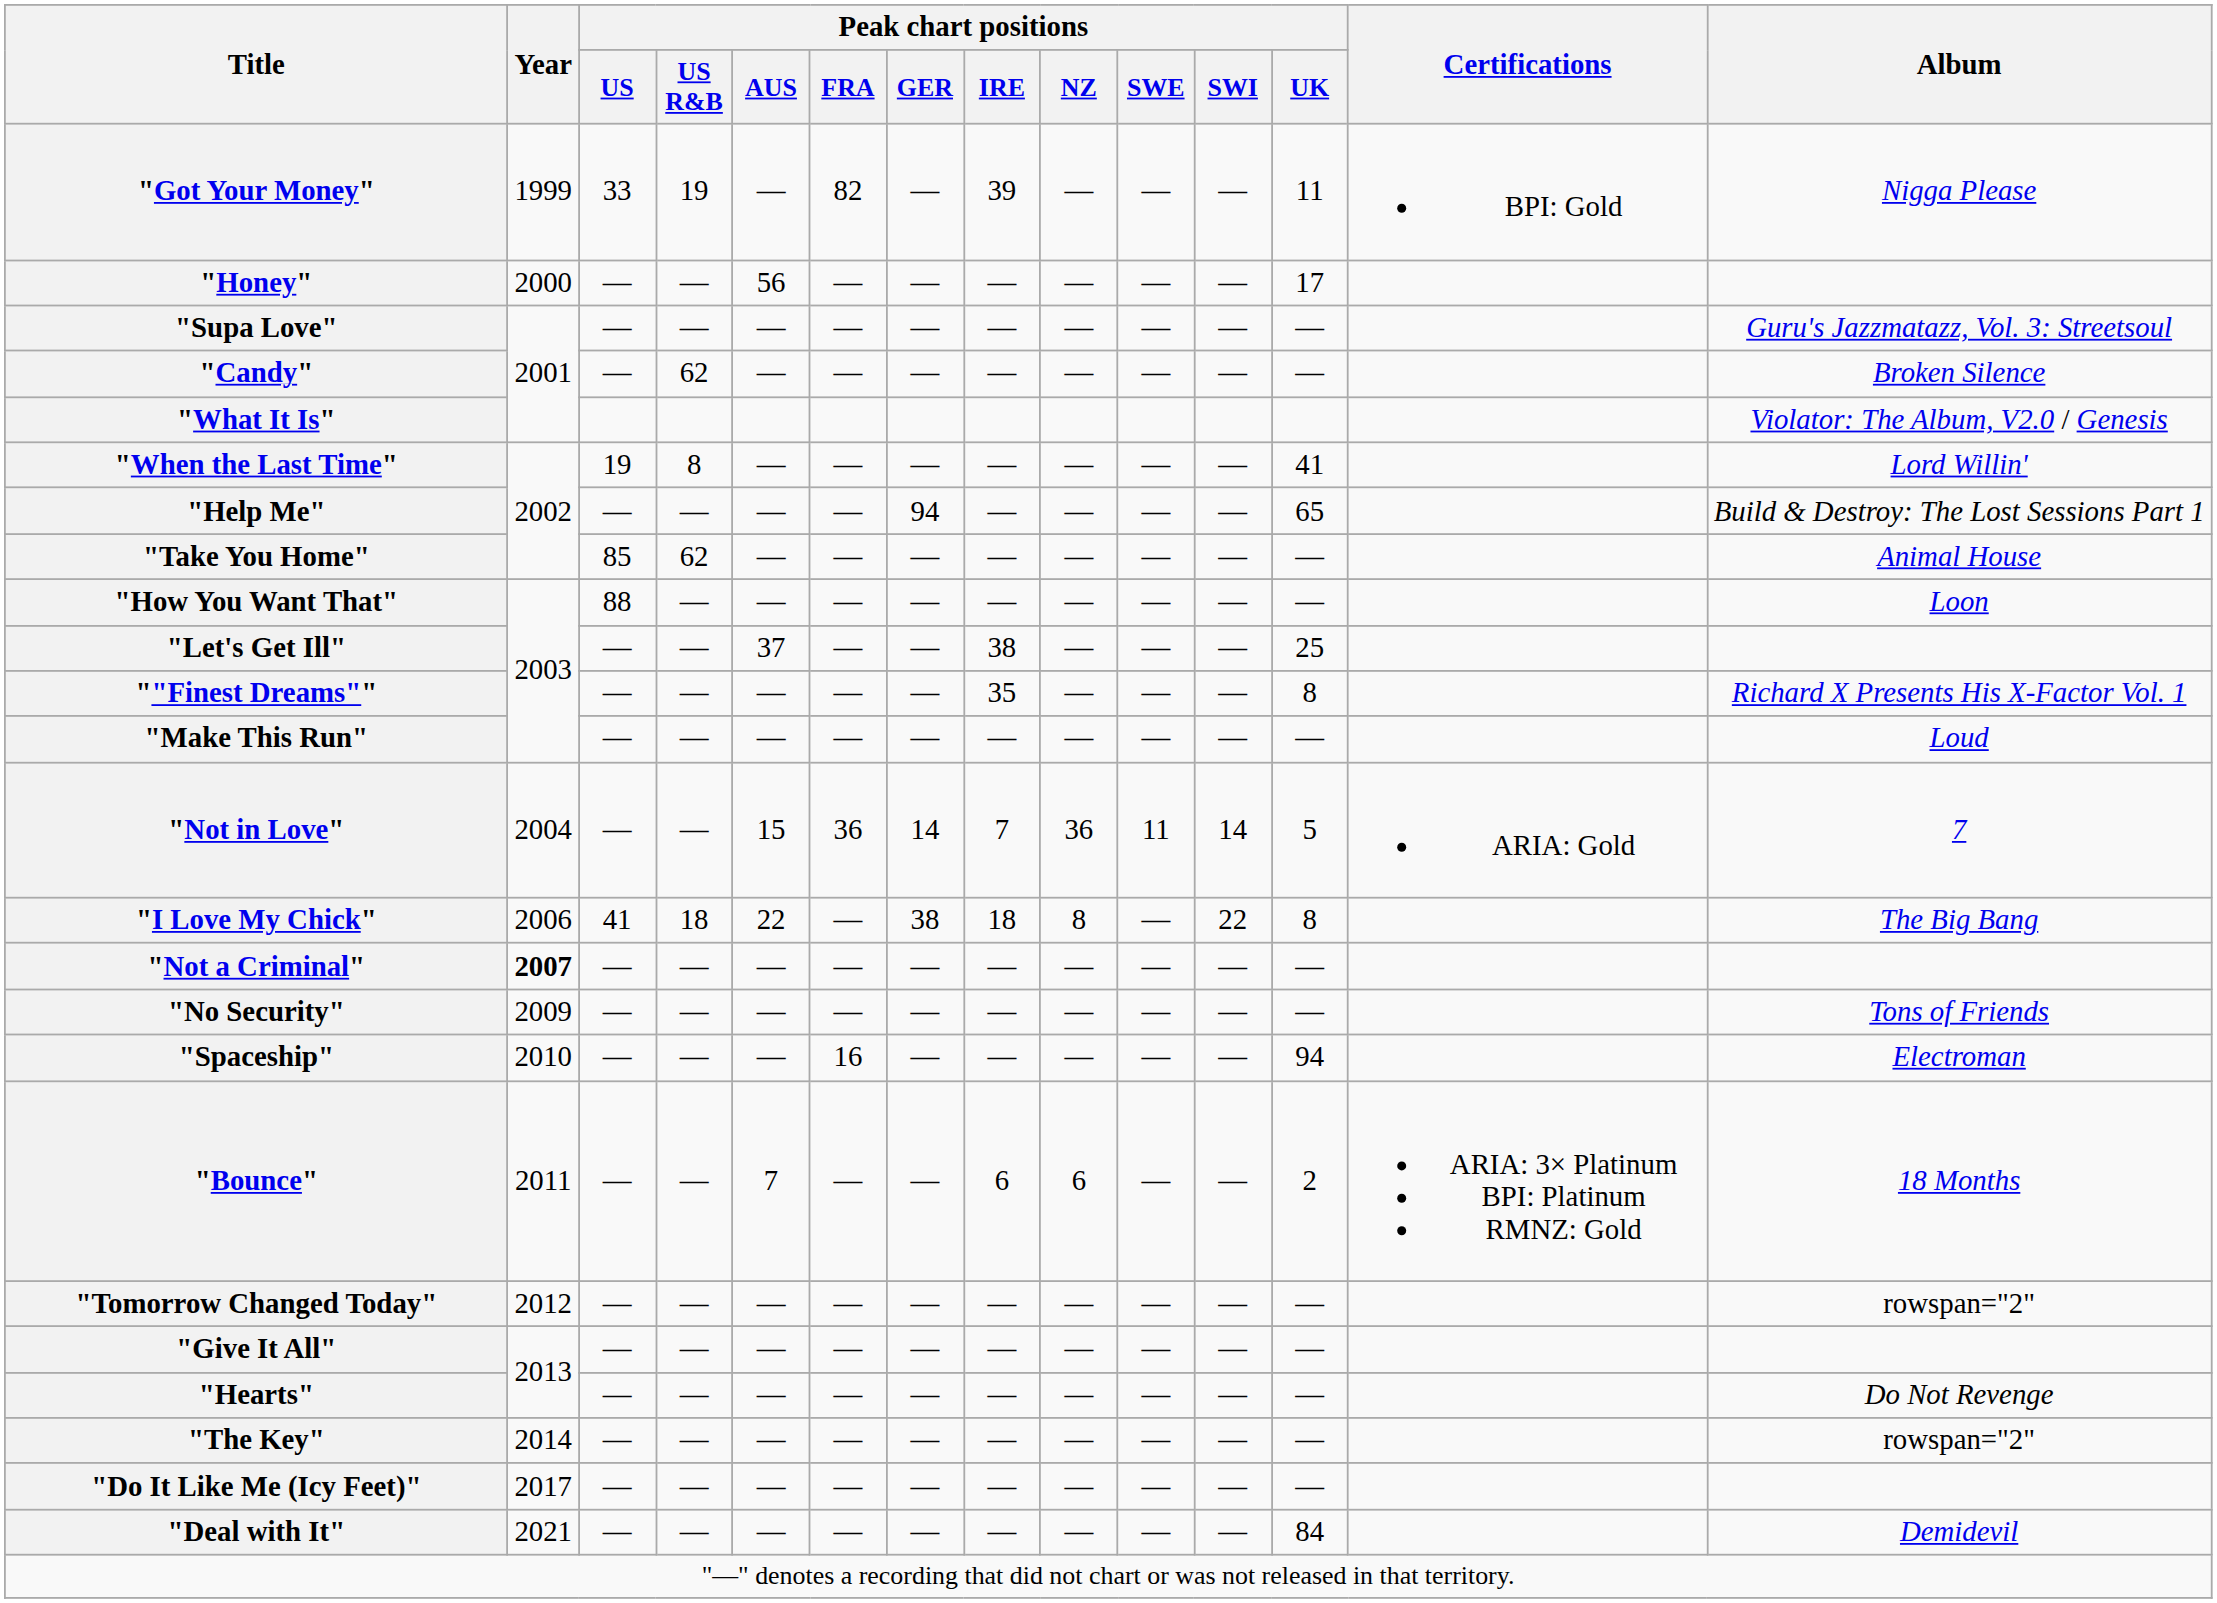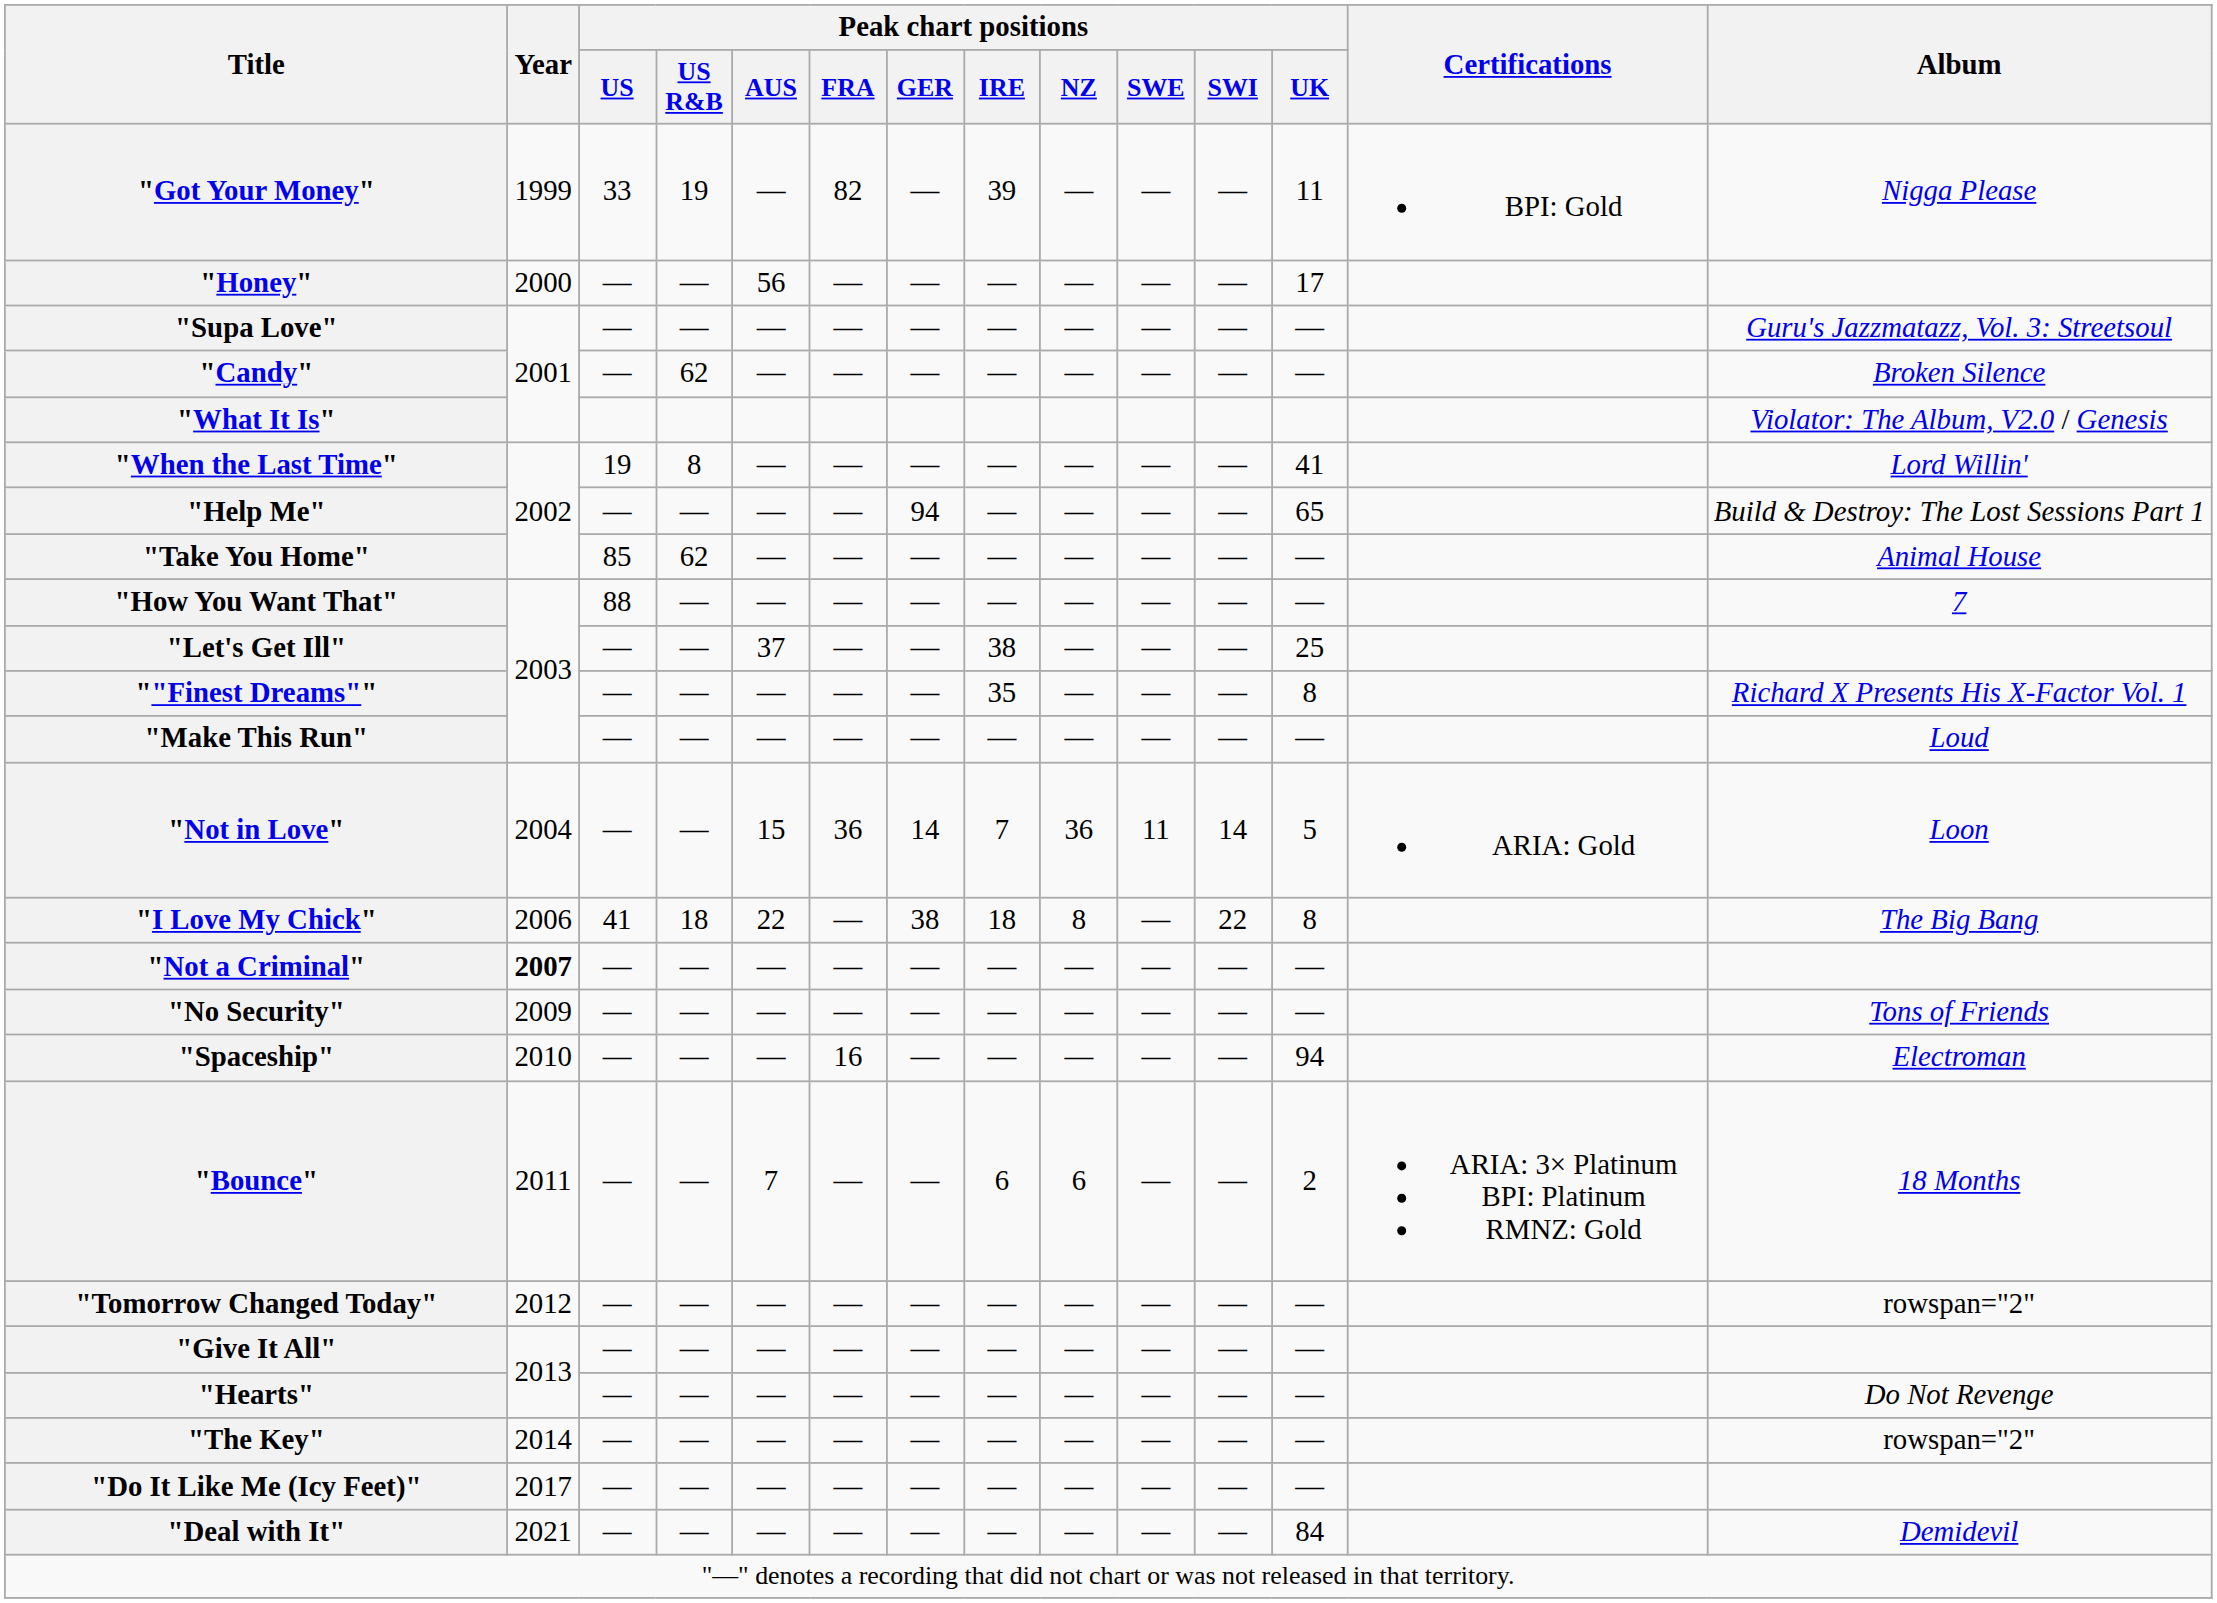 <table class="wikitable plainrowheaders" style="text-align:center;">
 <tr>
 <th scope="col" rowspan="2" style="width:17em;">Title</th>
 <th scope="col" rowspan="2">Year</th>
 <th scope="col" colspan="10">Peak chart positions</th>
 <th scope="col" rowspan="2" style="width:12em;"><a href='#'>Certifications</a></th>
 <th scope="col" rowspan="2">Album</th>
 </tr>
 <tr>
 <th scope="col" style="width:2.5em;font-size:90%;"><a href='#'>US</a><br></th>
 <th scope="col" style="width:2.5em;font-size:90%;"><a href='#'>US<br>R&B</a><br></th>
 <th scope="col" style="width:2.5em;font-size:90%;"><a href='#'>AUS</a><br></th>
 <th scope="col" style="width:2.5em;font-size:90%;"><a href='#'>FRA</a><br></th>
 <th scope="col" style="width:2.5em;font-size:90%;"><a href='#'>GER</a><br></th>
 <th scope="col" style="width:2.5em;font-size:90%;"><a href='#'>IRE</a><br></th>
 <th scope="col" style="width:2.5em;font-size:90%;"><a href='#'>NZ</a><br></th>
 <th scope="col" style="width:2.5em;font-size:90%;"><a href='#'>SWE</a><br></th>
 <th scope="col" style="width:2.5em;font-size:90%;"><a href='#'>SWI</a><br></th>
 <th scope="col" style="width:2.5em;font-size:90%;"><a href='#'>UK</a><br></th>
 </tr>
 <tr>
 <th scope="row">"<a href='#'>Got Your Money</a>"<br></th>
 <td>1999</td>
 <td>33</td>
 <td>19</td>
 <td>—</td>
 <td>82</td>
 <td>—</td>
 <td>39</td>
 <td>—</td>
 <td>—</td>
 <td>—</td>
 <td>11</td>
 <td><br><ul><li>BPI: Gold</li></ul></td>
 <td><em><a href='#'>Nigga Please</a></em></td>
 </tr>
 <tr>
 <th scope="row">"<a href='#'>Honey</a>"<br></th>
 <td>2000</td>
 <td>—</td>
 <td>—</td>
 <td>56</td>
 <td>—</td>
 <td>—</td>
 <td>—</td>
 <td>—</td>
 <td>—</td>
 <td>—</td>
 <td>17</td>
 <td></td>
 <td></td>
 </tr>
 <tr>
 <th scope="row">"Supa Love"<br></th>
 <td rowspan="3">2001</td>
 <td>—</td>
 <td>—</td>
 <td>—</td>
 <td>—</td>
 <td>—</td>
 <td>—</td>
 <td>—</td>
 <td>—</td>
 <td>—</td>
 <td>—</td>
 <td></td>
 <td><em><a href='#'>Guru's Jazzmatazz, Vol. 3: Streetsoul</a></em></td>
 </tr>
 <tr>
 <th scope="row">"<a href='#'>Candy</a>"<br></th>
 <td>—</td>
 <td>62</td>
 <td>—</td>
 <td>—</td>
 <td>—</td>
 <td>—</td>
 <td>—</td>
 <td>—</td>
 <td>—</td>
 <td>—</td>
 <td></td>
 <td><em><a href='#'>Broken Silence</a></em></td>
 </tr>
 <tr>
 <th scope="row">"<a href='#'>What It Is</a>"<br></th>
 <td></td>
 <td></td>
 <td></td>
 <td></td>
 <td></td>
 <td></td>
 <td></td>
 <td></td>
 <td></td>
 <td></td>
 <td></td>
 <td><em><a href='#'>Violator: The Album, V2.0</a></em> / <a href='#'><em>Genesis</em></a></td>
 </tr>
 <tr>
 <th scope="row">"<a href='#'>When the Last Time</a>"<br></th>
 <td rowspan="3">2002</td>
 <td>19</td>
 <td>8</td>
 <td>—</td>
 <td>—</td>
 <td>—</td>
 <td>—</td>
 <td>—</td>
 <td>—</td>
 <td>—</td>
 <td>41</td>
 <td></td>
 <td><em><a href='#'>Lord Willin'</a></em></td>
 </tr>
 <tr>
 <th scope="row">"Help Me"<br></th>
 <td>—</td>
 <td>—</td>
 <td>—</td>
 <td>—</td>
 <td>94</td>
 <td>—</td>
 <td>—</td>
 <td>—</td>
 <td>—</td>
 <td>65</td>
 <td></td>
 <td><em>Build & Destroy: The Lost Sessions Part 1</em></td>
 </tr>
 <tr>
 <th scope="row">"Take You Home"<br></th>
 <td>85</td>
 <td>62</td>
 <td>—</td>
 <td>—</td>
 <td>—</td>
 <td>—</td>
 <td>—</td>
 <td>—</td>
 <td>—</td>
 <td>—</td>
 <td></td>
 <td><em><a href='#'>Animal House</a></em></td>
 </tr>
 <tr>
 <th scope="row">"How You Want That"<br></th>
 <td rowspan="4">2003</td>
 <td>88</td>
 <td>—</td>
 <td>—</td>
 <td>—</td>
 <td>—</td>
 <td>—</td>
 <td>—</td>
 <td>—</td>
 <td>—</td>
 <td>—</td>
 <td></td>
-<td><em><a href='#'>Loon</a></em></td>
+<td><em><a href='#'>7</a></em></td>
 </tr>
 <tr>
 <th scope="row">"Let's Get Ill"<br></th>
 <td>—</td>
 <td>—</td>
 <td>37</td>
 <td>—</td>
 <td>—</td>
 <td>38</td>
 <td>—</td>
 <td>—</td>
 <td>—</td>
 <td>25</td>
 <td></td>
 <td></td>
 </tr>
 <tr>
 <th scope="row">"<a href='#'>"Finest Dreams"</a>"<br></th>
 <td>—</td>
 <td>—</td>
 <td>—</td>
 <td>—</td>
 <td>—</td>
 <td>35</td>
 <td>—</td>
 <td>—</td>
 <td>—</td>
 <td>8</td>
 <td></td>
 <td><em><a href='#'>Richard X Presents His X-Factor Vol. 1</a></em></td>
 </tr>
 <tr>
 <th scope="row">"Make This Run"<br></th>
 <td>—</td>
 <td>—</td>
 <td>—</td>
 <td>—</td>
 <td>—</td>
 <td>—</td>
 <td>—</td>
 <td>—</td>
 <td>—</td>
 <td>—</td>
 <td></td>
 <td><em><a href='#'>Loud</a></em></td>
 </tr>
 <tr>
 <th scope="row">"<a href='#'>Not in Love</a>"<br></th>
 <td>2004</td>
 <td>—</td>
 <td>—</td>
 <td>15</td>
 <td>36</td>
 <td>14</td>
 <td>7</td>
 <td>36</td>
 <td>11</td>
 <td>14</td>
 <td>5</td>
 <td><br><ul><li>ARIA: Gold</li></ul></td>
-<td><em><a href='#'>7</a></em></td>
+<td><em><a href='#'>Loon</a></em></td>
 </tr>
 <tr>
 <th scope="row">"<a href='#'>I Love My Chick</a>"<br></th>
 <td>2006</td>
 <td>41</td>
 <td>18</td>
 <td>22</td>
 <td>—</td>
 <td>38</td>
 <td>18</td>
 <td>8</td>
 <td>—</td>
 <td>22</td>
 <td>8</td>
 <td></td>
 <td><em><a href='#'>The Big Bang</a></em></td>
 </tr>
 <tr>
 <th scope="row">"<a href='#'>Not a Criminal</a>"<br></th>
 <td><strong>2007</strong></td>
 <td>—</td>
 <td>—</td>
 <td>—</td>
 <td>—</td>
 <td>—</td>
 <td>—</td>
 <td>—</td>
 <td>—</td>
 <td>—</td>
 <td>—</td>
 <td></td>
 <td></td>
 </tr>
 <tr>
 <th scope="row">"No Security"<br></th>
 <td>2009</td>
 <td>—</td>
 <td>—</td>
 <td>—</td>
 <td>—</td>
 <td>—</td>
 <td>—</td>
 <td>—</td>
 <td>—</td>
 <td>—</td>
 <td>—</td>
 <td></td>
 <td><em><a href='#'>Tons of Friends</a></em></td>
 </tr>
 <tr>
 <th scope="row">"Spaceship"<br></th>
 <td>2010</td>
 <td>—</td>
 <td>—</td>
 <td>—</td>
 <td>16</td>
 <td>—</td>
 <td>—</td>
 <td>—</td>
 <td>—</td>
 <td>—</td>
 <td>94</td>
 <td></td>
 <td><em><a href='#'>Electroman</a></em></td>
 </tr>
 <tr>
 <th scope="row">"<a href='#'>Bounce</a>"<br></th>
 <td>2011</td>
 <td>—</td>
 <td>—</td>
 <td>7</td>
 <td>—</td>
 <td>—</td>
 <td>6</td>
 <td>6</td>
 <td>—</td>
 <td>—</td>
 <td>2</td>
 <td><br><ul><li>ARIA: 3× Platinum</li><li>BPI: Platinum</li><li>RMNZ: Gold</li></ul></td>
 <td><em><a href='#'>18 Months</a></em></td>
 </tr>
 <tr>
 <th scope="row">"Tomorrow Changed Today"<br></th>
 <td>2012</td>
 <td>—</td>
 <td>—</td>
 <td>—</td>
 <td>—</td>
 <td>—</td>
 <td>—</td>
 <td>—</td>
 <td>—</td>
 <td>—</td>
 <td>—</td>
 <td></td>
 <td>rowspan="2" </td>
 </tr>
 <tr>
 <th scope="row">"Give It All"<br></th>
 <td rowspan="2">2013</td>
 <td>—</td>
 <td>—</td>
 <td>—</td>
 <td>—</td>
 <td>—</td>
 <td>—</td>
 <td>—</td>
 <td>—</td>
 <td>—</td>
 <td>—</td>
 <td></td>
 </tr>
 <tr>
 <th scope="row">"Hearts"<br></th>
 <td>—</td>
 <td>—</td>
 <td>—</td>
 <td>—</td>
 <td>—</td>
 <td>—</td>
 <td>—</td>
 <td>—</td>
 <td>—</td>
 <td>—</td>
 <td></td>
 <td><em>Do Not Revenge</em></td>
 </tr>
 <tr>
 <th scope="row">"The Key"<br></th>
 <td>2014</td>
 <td>—</td>
 <td>—</td>
 <td>—</td>
 <td>—</td>
 <td>—</td>
 <td>—</td>
 <td>—</td>
 <td>—</td>
 <td>—</td>
 <td>—</td>
 <td></td>
 <td>rowspan="2" </td>
 </tr>
 <tr>
 <th scope="row">"Do It Like Me (Icy Feet)"<br></th>
 <td>2017</td>
 <td>—</td>
 <td>—</td>
 <td>—</td>
 <td>—</td>
 <td>—</td>
 <td>—</td>
 <td>—</td>
 <td>—</td>
 <td>—</td>
 <td>—</td>
 <td></td>
 </tr>
 <tr>
 <th scope="row">"Deal with It"<br></th>
 <td>2021</td>
 <td>—</td>
 <td>—</td>
 <td>—</td>
 <td>—</td>
 <td>—</td>
 <td>—</td>
 <td>—</td>
 <td>—</td>
 <td>—</td>
 <td>84</td>
 <td></td>
 <td><em><a href='#'>Demidevil</a></em></td>
 </tr>
 <tr>
 <td colspan="14" style="font-size:90%">"—" denotes a recording that did not chart or was not released in that territory.</td>
 </tr>
 </table>
